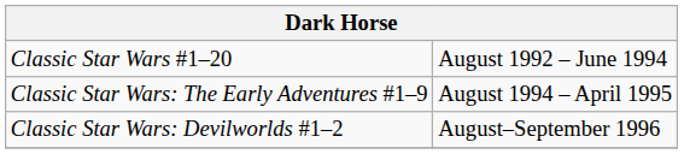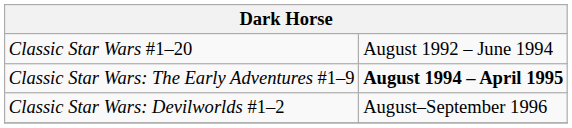 <table class="wikitable">
 <tr>
 <th colspan="2">Dark Horse</th>
 </tr>
 <tr>
 <td><em>Classic Star Wars</em> #1–20</td>
 <td>August 1992 – June 1994</td>
 </tr>
 <tr>
 <td><em>Classic Star Wars: The Early Adventures</em> #1–9</td>
-<td>August 1994 – April 1995</td>
+<td><strong>August 1994 – April 1995</strong></td>
 </tr>
 <tr>
 <td><em>Classic Star Wars: Devilworlds</em> #1–2</td>
 <td>August–September 1996</td>
 </tr>
 <tr>
 </tr>
 </table>
